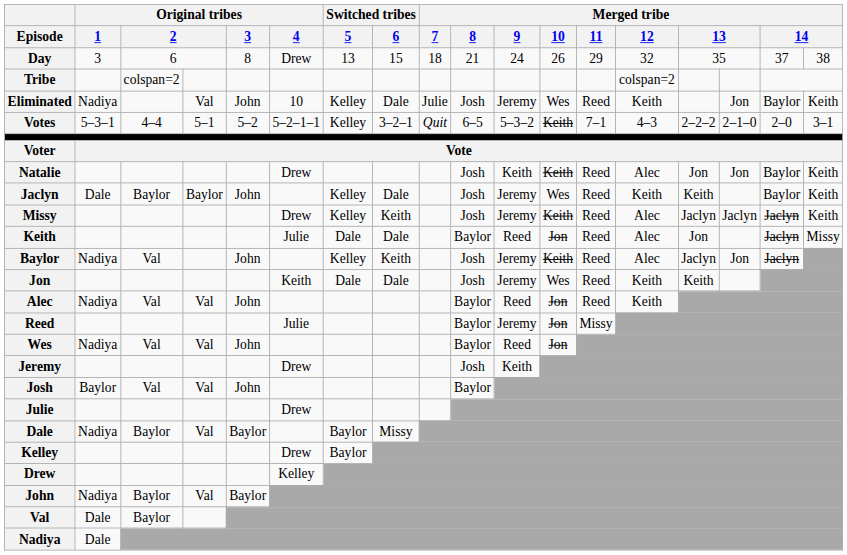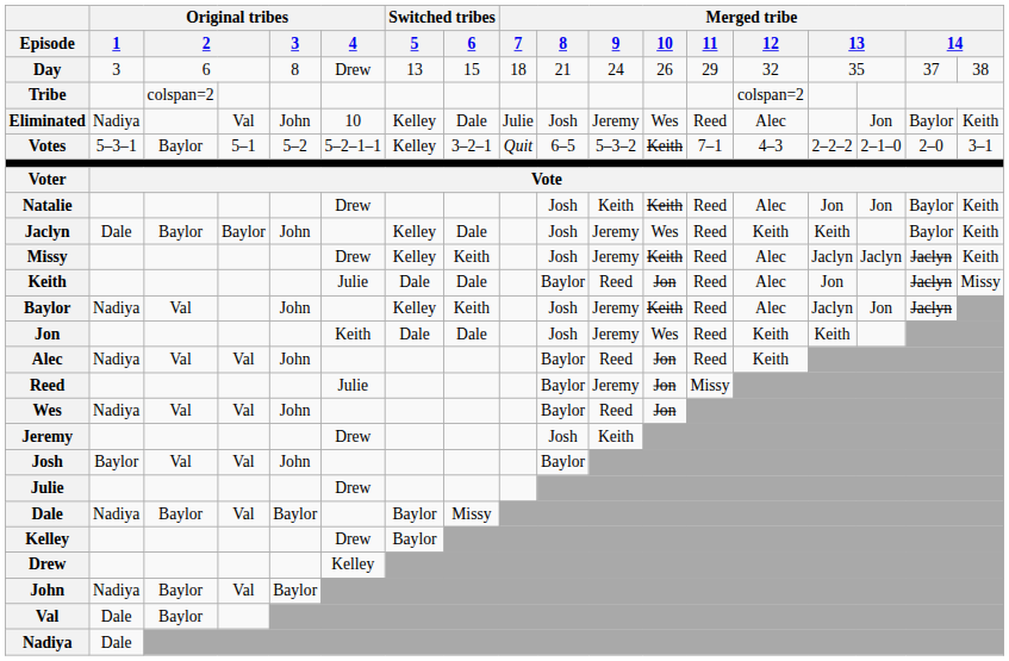 <table class="wikitable nowrap" style="text-align:center">
 <tr>
 <th></th>
 <th colspan=5>Original tribes</th>
 <th colspan=2>Switched tribes</th>
 <th colspan=10>Merged tribe</th>
 </tr>
 <tr>
 <th>Episode</th>
 <th><a href='#'>1</a></th>
 <th colspan=2><a href='#'>2</a></th>
 <th><a href='#'>3</a></th>
 <th><a href='#'>4</a></th>
 <th><a href='#'>5</a></th>
 <th><a href='#'>6</a></th>
 <th><a href='#'>7</a></th>
 <th><a href='#'>8</a></th>
 <th><a href='#'>9</a></th>
 <th><a href='#'>10</a></th>
 <th><a href='#'>11</a></th>
 <th><a href='#'>12</a></th>
 <th colspan=2><a href='#'>13</a></th>
 <th colspan=2><a href='#'>14</a></th>
 </tr>
 <tr>
 <th>Day</th>
 <td>3</td>
 <td colspan=2>6</td>
 <td>8</td>
 <td>Drew</td>
 <td>13</td>
 <td>15</td>
 <td>18</td>
 <td>21</td>
 <td>24</td>
 <td>26</td>
 <td>29</td>
 <td>32</td>
 <td colspan=2>35</td>
 <td>37</td>
 <td>38</td>
 </tr>
 <tr>
 <th>Tribe</th>
 <td></td>
 <td>colspan=2 </td>
 <td></td>
 <td></td>
 <td></td>
 <td></td>
 <td></td>
 <td></td>
 <td></td>
 <td></td>
 <td></td>
 <td></td>
 <td>colspan=2 </td>
 <td></td>
 <td></td>
 </tr>
 <tr>
 <th>Eliminated</th>
 <td>Nadiya</td>
 <td></td>
 <td>Val</td>
 <td>John</td>
 <td>10</td>
 <td>Kelley</td>
 <td>Dale</td>
 <td>Julie</td>
 <td>Josh</td>
 <td>Jeremy</td>
 <td>Wes</td>
 <td>Reed</td>
-<td>Keith</td>
+<td>Alec</td>
 <td></td>
 <td>Jon</td>
 <td>Baylor</td>
 <td>Keith</td>
 </tr>
 <tr>
 <th>Votes</th>
 <td>5–3–1</td>
-<td>4–4</td>
+<td>Baylor</td>
 <td>5–1</td>
 <td>5–2</td>
 <td>5–2–1–1</td>
 <td>Kelley</td>
 <td>3–2–1</td>
 <td><em>Quit</em></td>
 <td>6–5</td>
 <td>5–3–2</td>
 <td><s>Keith</s></td>
 <td>7–1</td>
 <td>4–3</td>
 <td>2–2–2</td>
 <td>2–1–0</td>
 <td>2–0</td>
 <td>3–1</td>
 </tr>
 <tr>
 <td bgcolor=000000 colspan=21></td>
 </tr>
 <tr>
 <th>Voter</th>
 <th colspan=17>Vote</th>
 </tr>
 <tr>
 <th>Natalie</th>
 <td></td>
 <td></td>
 <td></td>
 <td></td>
 <td>Drew</td>
 <td></td>
 <td></td>
 <td></td>
 <td>Josh</td>
 <td>Keith</td>
 <td><s>Keith</s></td>
 <td>Reed</td>
 <td>Alec</td>
 <td>Jon</td>
 <td>Jon</td>
 <td>Baylor</td>
 <td>Keith</td>
 </tr>
 <tr>
 <th>Jaclyn</th>
 <td>Dale</td>
 <td>Baylor</td>
 <td>Baylor</td>
 <td>John</td>
 <td></td>
 <td>Kelley</td>
 <td>Dale</td>
 <td></td>
 <td>Josh</td>
 <td>Jeremy</td>
 <td>Wes</td>
 <td>Reed</td>
 <td>Keith</td>
 <td>Keith</td>
 <td></td>
 <td>Baylor</td>
 <td>Keith</td>
 </tr>
 <tr>
 <th>Missy</th>
 <td></td>
 <td></td>
 <td></td>
 <td></td>
 <td>Drew</td>
 <td>Kelley</td>
 <td>Keith</td>
 <td></td>
 <td>Josh</td>
 <td>Jeremy</td>
 <td><s>Keith</s></td>
 <td>Reed</td>
 <td>Alec</td>
 <td>Jaclyn</td>
 <td>Jaclyn</td>
 <td><s>Jaclyn</s></td>
 <td>Keith</td>
 </tr>
 <tr>
 <th>Keith</th>
 <td></td>
 <td></td>
 <td></td>
 <td></td>
 <td>Julie</td>
 <td>Dale</td>
 <td>Dale</td>
 <td></td>
 <td>Baylor</td>
 <td>Reed</td>
 <td><s>Jon</s></td>
 <td>Reed</td>
 <td>Alec</td>
 <td>Jon</td>
 <td></td>
 <td><s>Jaclyn</s></td>
 <td>Missy</td>
 </tr>
 <tr>
 <th>Baylor</th>
 <td>Nadiya</td>
 <td>Val</td>
 <td></td>
 <td>John</td>
 <td></td>
 <td>Kelley</td>
 <td>Keith</td>
 <td></td>
 <td>Josh</td>
 <td>Jeremy</td>
 <td><s>Keith</s></td>
 <td>Reed</td>
 <td>Alec</td>
 <td>Jaclyn</td>
 <td>Jon</td>
 <td><s>Jaclyn</s></td>
 <td bgcolor=A9A9A9></td>
 </tr>
 <tr>
 <th>Jon</th>
 <td></td>
 <td></td>
 <td></td>
 <td></td>
 <td>Keith</td>
 <td>Dale</td>
 <td>Dale</td>
 <td></td>
 <td>Josh</td>
 <td>Jeremy</td>
 <td>Wes</td>
 <td>Reed</td>
 <td>Keith</td>
 <td>Keith</td>
 <td></td>
 <td bgcolor=A9A9A9 colspan=2></td>
 </tr>
 <tr>
 <th>Alec</th>
 <td>Nadiya</td>
 <td>Val</td>
 <td>Val</td>
 <td>John</td>
 <td></td>
 <td></td>
 <td></td>
 <td></td>
 <td>Baylor</td>
 <td>Reed</td>
 <td><s>Jon</s></td>
 <td>Reed</td>
 <td>Keith</td>
 <td bgcolor=A9A9A9 colspan=4></td>
 </tr>
 <tr>
 <th>Reed</th>
 <td></td>
 <td></td>
 <td></td>
 <td></td>
 <td>Julie</td>
 <td></td>
 <td></td>
 <td></td>
 <td>Baylor</td>
 <td>Jeremy</td>
 <td><s>Jon</s></td>
 <td>Missy</td>
 <td bgcolor=A9A9A9 colspan=5></td>
 </tr>
 <tr>
 <th>Wes</th>
 <td>Nadiya</td>
 <td>Val</td>
 <td>Val</td>
 <td>John</td>
 <td></td>
 <td></td>
 <td></td>
 <td></td>
 <td>Baylor</td>
 <td>Reed</td>
 <td><s>Jon</s></td>
 <td bgcolor=A9A9A9 colspan=6></td>
 </tr>
 <tr>
 <th>Jeremy</th>
 <td></td>
 <td></td>
 <td></td>
 <td></td>
 <td>Drew</td>
 <td></td>
 <td></td>
 <td></td>
 <td>Josh</td>
 <td>Keith</td>
 <td bgcolor=A9A9A9 colspan=7></td>
 </tr>
 <tr>
 <th>Josh</th>
 <td>Baylor</td>
 <td>Val</td>
 <td>Val</td>
 <td>John</td>
 <td></td>
 <td></td>
 <td></td>
 <td></td>
 <td>Baylor</td>
 <td bgcolor=A9A9A9 colspan=8></td>
 </tr>
 <tr>
 <th>Julie</th>
 <td></td>
 <td></td>
 <td></td>
 <td></td>
 <td>Drew</td>
 <td></td>
 <td></td>
 <td></td>
 <td bgcolor=A9A9A9 colspan=9></td>
 </tr>
 <tr>
 <th>Dale</th>
 <td>Nadiya</td>
 <td>Baylor</td>
 <td>Val</td>
 <td>Baylor</td>
 <td></td>
 <td>Baylor</td>
 <td>Missy</td>
 <td bgcolor=A9A9A9 colspan=10></td>
 </tr>
 <tr>
 <th>Kelley</th>
 <td></td>
 <td></td>
 <td></td>
 <td></td>
 <td>Drew</td>
 <td>Baylor</td>
 <td bgcolor=A9A9A9 colspan=11></td>
 </tr>
 <tr>
 <th>Drew</th>
 <td></td>
 <td></td>
 <td></td>
 <td></td>
 <td>Kelley</td>
 <td bgcolor=A9A9A9 colspan=12></td>
 </tr>
 <tr>
 <th>John</th>
 <td>Nadiya</td>
 <td>Baylor</td>
 <td>Val</td>
 <td>Baylor</td>
 <td bgcolor=A9A9A9 colspan=13></td>
 </tr>
 <tr>
 <th>Val</th>
 <td>Dale</td>
 <td>Baylor</td>
 <td></td>
 <td bgcolor=A9A9A9 colspan=14></td>
 </tr>
 <tr>
 <th>Nadiya</th>
 <td>Dale</td>
 <td bgcolor=A9A9A9 colspan=16></td>
 </tr>
 </table>
